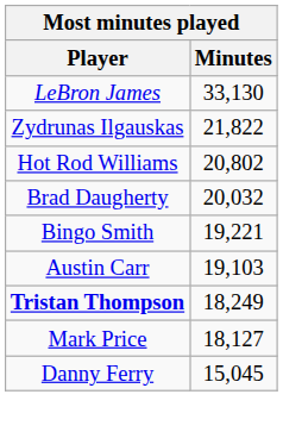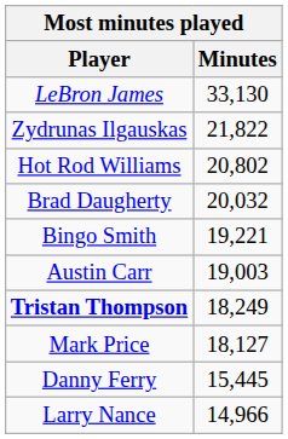 <table class="wikitable sortable" style="text-align:center">
 <tr>
 <th colspan="2" style="text-align:center; ">Most minutes played</th>
 </tr>
 <tr>
 <th style="text-align:center; ">Player</th>
 <th style="text-align:center; ">Minutes</th>
 </tr>
 <tr>
 <td><em><a href='#'>LeBron James</a></em></td>
 <td>33,130</td>
 </tr>
 <tr>
 <td><a href='#'>Zydrunas Ilgauskas</a></td>
 <td>21,822</td>
 </tr>
 <tr>
 <td><a href='#'>Hot Rod Williams</a></td>
 <td>20,802</td>
 </tr>
 <tr>
 <td><a href='#'>Brad Daugherty</a></td>
 <td>20,032</td>
 </tr>
 <tr>
 <td><a href='#'>Bingo Smith</a></td>
 <td>19,221</td>
 </tr>
 <tr>
 <td><a href='#'>Austin Carr</a></td>
-<td>19,103</td>
+<td>19,003</td>
 </tr>
 <tr>
 <td><strong><a href='#'>Tristan Thompson</a></strong></td>
 <td>18,249</td>
 </tr>
 <tr>
 <td><a href='#'>Mark Price</a></td>
 <td>18,127</td>
 </tr>
 <tr>
 <td><a href='#'>Danny Ferry</a></td>
-<td>15,045</td>
+<td>15,445</td>
+</tr>
+<tr>
+<td><a href='#'>Larry Nance</a></td>
+<td>14,966</td>
 </tr>
 </table>
